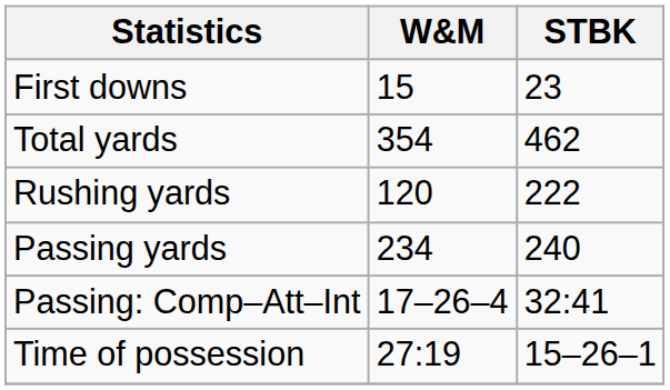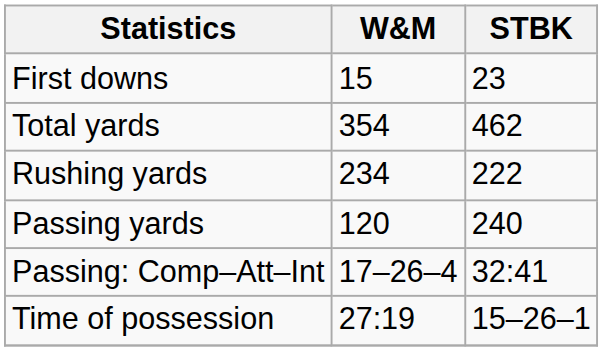 <table class="wikitable" style="float: left;">
 <tr>
 <th>Statistics</th>
 <th>W&M</th>
 <th>STBK</th>
 </tr>
 <tr>
 <td>First downs</td>
 <td>15</td>
 <td>23</td>
 </tr>
 <tr>
 <td>Total yards</td>
 <td>354</td>
 <td>462</td>
 </tr>
 <tr>
 <td>Rushing yards</td>
-<td>120</td>
+<td>234</td>
 <td>222</td>
 </tr>
 <tr>
 <td>Passing yards</td>
-<td>234</td>
+<td>120</td>
 <td>240</td>
 </tr>
 <tr>
 <td>Passing: Comp–Att–Int</td>
 <td>17–26–4</td>
 <td>32:41</td>
 </tr>
 <tr>
 <td>Time of possession</td>
 <td>27:19</td>
 <td>15–26–1</td>
 </tr>
 <tr>
 </tr>
 </table>
